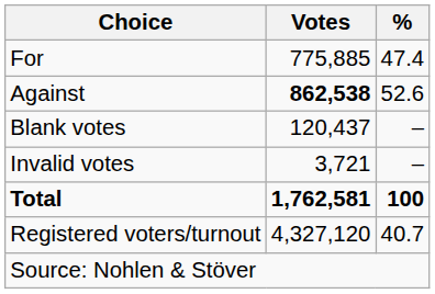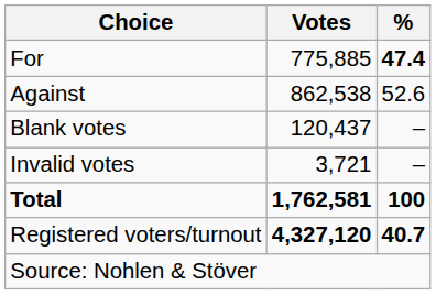 <table class=wikitable style=text-align:right>
 <tr>
 <th>Choice</th>
 <th>Votes</th>
 <th>%</th>
 </tr>
 <tr>
 <td align=left>For</td>
 <td>775,885</td>
-<td>47.4</td>
+<td><strong>47.4</strong></td>
 </tr>
 <tr>
 <td align=left>Against</td>
-<td><strong>862,538</strong></td>
+<td>862,538</td>
 <td>52.6</td>
 </tr>
 <tr>
 <td align=left>Blank votes</td>
 <td>120,437</td>
 <td>–</td>
 </tr>
 <tr>
 <td align=left>Invalid votes</td>
 <td>3,721</td>
 <td>–</td>
 </tr>
 <tr>
 <td align=left><strong>Total</strong></td>
 <td><strong>1,762,581</strong></td>
 <td><strong>100</strong></td>
 </tr>
 <tr>
 <td align=left>Registered voters/turnout</td>
-<td>4,327,120</td>
-<td>40.7</td>
+<td><strong>4,327,120</strong></td>
+<td><strong>40.7</strong></td>
 </tr>
 <tr>
 <td align=left colspan=3>Source: Nohlen & Stöver</td>
 </tr>
 </table>
